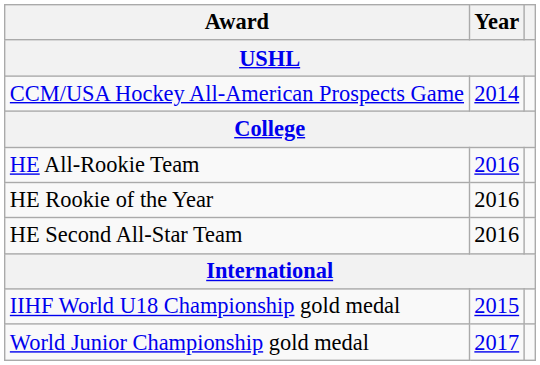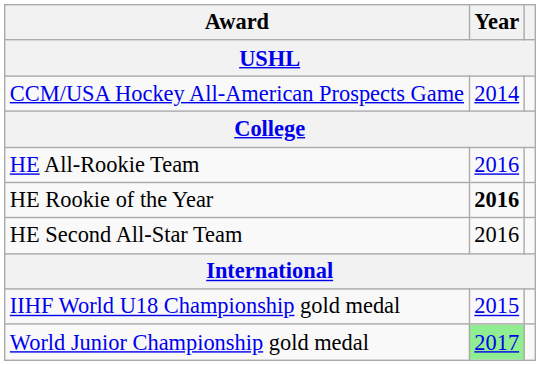 <table class="wikitable">
 <tr>
 <th>Award</th>
 <th>Year</th>
 <th></th>
 </tr>
 <tr>
 <th colspan="3"><a href='#'>USHL</a></th>
 </tr>
 <tr>
 <td><a href='#'>CCM/USA Hockey All-American Prospects Game</a></td>
 <td><a href='#'>2014</a></td>
 <td></td>
 </tr>
 <tr>
 <th colspan="3"><a href='#'>College</a></th>
 </tr>
 <tr>
 <td><a href='#'>HE</a> All-Rookie Team</td>
 <td><a href='#'>2016</a></td>
 <td></td>
 </tr>
 <tr>
 <td>HE Rookie of the Year</td>
-<td>2016</td>
+<td><strong>2016</strong></td>
 <td></td>
 </tr>
 <tr>
 <td>HE Second All-Star Team</td>
 <td>2016</td>
 <td></td>
 </tr>
 <tr>
 <th colspan="3"><a href='#'>International</a></th>
 </tr>
 <tr>
 <td><a href='#'>IIHF World U18 Championship</a> gold medal</td>
 <td><a href='#'>2015</a></td>
 <td></td>
 </tr>
 <tr>
 <td><a href='#'>World Junior Championship</a> gold medal</td>
-<td><a href='#'>2017</a></td>
+<td style="background: lightgreen;"><a href='#'>2017</a></td>
 <td></td>
 </tr>
 </table>
